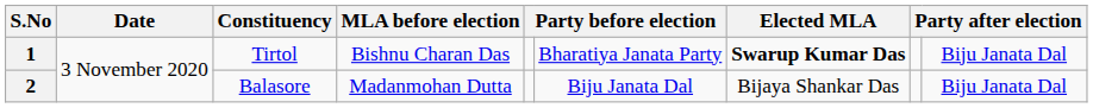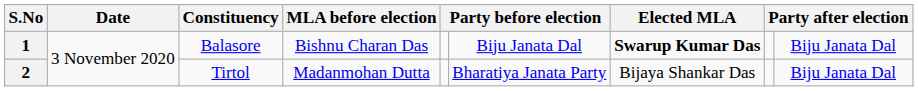 <table class="wikitable sortable" style="text-align:center;">
 <tr>
 <th>S.No</th>
 <th>Date</th>
 <th>Constituency</th>
 <th>MLA before election</th>
 <th colspan="2">Party before election</th>
 <th>Elected MLA</th>
 <th colspan="2">Party after election</th>
 </tr>
 <tr>
 <th>1</th>
 <td rowspan="2">3 November 2020</td>
-<td><a href='#'>Tirtol</a></td>
+<td><a href='#'>Balasore</a></td>
 <td><a href='#'>Bishnu Charan Das</a></td>
 <td></td>
-<td><a href='#'>Bharatiya Janata Party</a></td>
+<td><a href='#'>Biju Janata Dal</a></td>
 <td><strong>Swarup Kumar Das</strong></td>
 <td></td>
 <td><a href='#'>Biju Janata Dal</a></td>
 </tr>
 <tr>
 <th>2</th>
-<td><a href='#'>Balasore</a></td>
+<td><a href='#'>Tirtol</a></td>
 <td><a href='#'>Madanmohan Dutta</a></td>
 <td></td>
-<td><a href='#'>Biju Janata Dal</a></td>
+<td><a href='#'>Bharatiya Janata Party</a></td>
 <td>Bijaya Shankar Das</td>
 <td></td>
 <td><a href='#'>Biju Janata Dal</a></td>
 </tr>
 </table>
